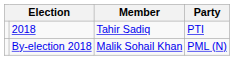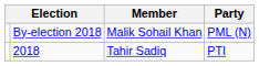 <table class="wikitable">
 <tr>
 <th colspan="2">Election</th>
 <th>Member</th>
 <th>Party</th>
 </tr>
 <tr>
 <td style="background-color: "></td>
+<td><a href='#'>By-election 2018</a></td>
+<td><a href='#'>Malik Sohail Khan</a></td>
+<td><a href='#'>PML (N)</a></td>
+</tr>
+<tr>
+<td style="background-color: "></td>
 <td><a href='#'>2018</a></td>
 <td><a href='#'>Tahir Sadiq</a></td>
 <td><a href='#'>PTI</a></td>
 </tr>
-<tr>
-<td style="background-color: "></td>
-<td><a href='#'>By-election 2018</a></td>
-<td><a href='#'>Malik Sohail Khan</a></td>
-<td><a href='#'>PML (N)</a></td>
-</tr>
 </table>
